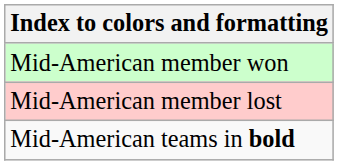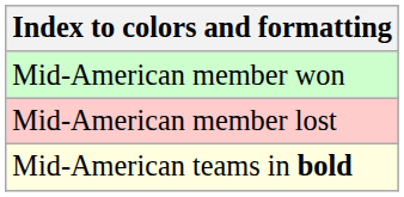 <table class="wikitable">
 <tr>
 <th>Index to colors and formatting</th>
 </tr>
 <tr bgcolor=#ccffcc>
 <td>Mid-American member won</td>
 </tr>
 <tr bgcolor=#ffcccc>
 <td>Mid-American member lost</td>
 </tr>
 <tr>
-<td>Mid-American teams in <strong>bold</strong></td>
+<td style="background: lightyellow;">Mid-American teams in <strong>bold</strong></td>
 </tr>
 </table>
